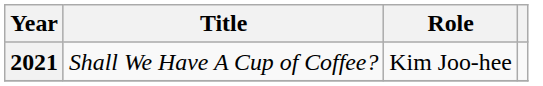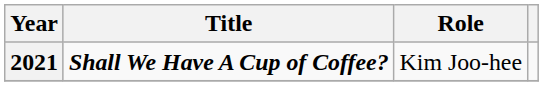 <table class="wikitable sortable plainrowheaders">
 <tr>
 <th scope="col">Year</th>
 <th scope="col">Title</th>
 <th scope="col">Role</th>
 <th scope="col" class="unsortable"></th>
 </tr>
 <tr>
 <th scope="row">2021</th>
-<td><em>Shall We Have A Cup of Coffee?</em></td>
+<td><strong><em>Shall We Have A Cup of Coffee?</em></strong></td>
 <td>Kim Joo-hee</td>
 <td style="text-align:center"></td>
 </tr>
 <tr>
 </tr>
 </table>
